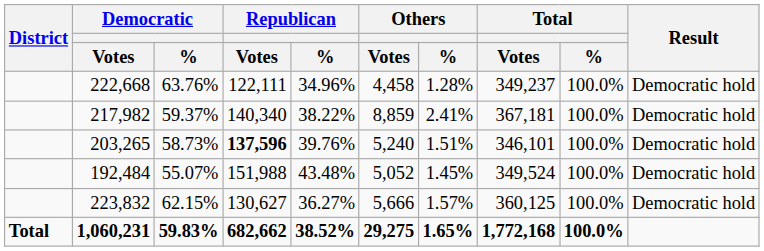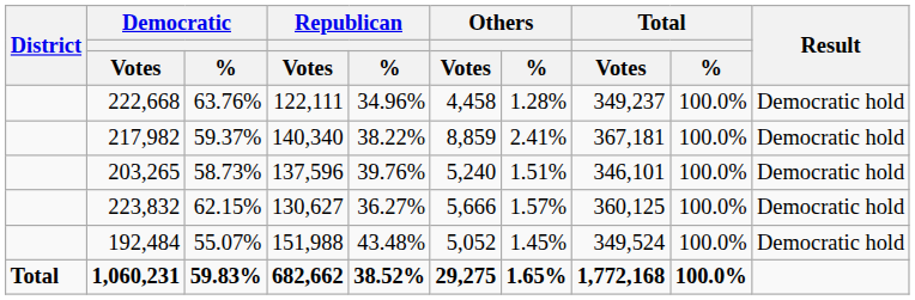 <table class="wikitable plainrowheaders sortable" style="font-size:100%; text-align:right;">
 <tr>
 <th scope=col rowspan=3><a href='#'>District</a></th>
 <th scope=col colspan=2><a href='#'>Democratic</a></th>
 <th scope=col colspan=2><a href='#'>Republican</a></th>
 <th scope=col colspan=2>Others</th>
 <th scope=col colspan=2>Total</th>
 <th scope=col rowspan=3>Result</th>
 </tr>
 <tr>
 <th scope=col colspan=2 style="background:"></th>
 <th scope=col colspan=2 style="background:"></th>
 <th scope=col colspan=2></th>
 <th scope=col colspan=2></th>
 </tr>
 <tr>
 <th scope=col data-sort-type="number">Votes</th>
 <th scope=col data-sort-type="number">%</th>
 <th scope=col data-sort-type="number">Votes</th>
 <th scope=col data-sort-type="number">%</th>
 <th scope=col data-sort-type="number">Votes</th>
 <th scope=col data-sort-type="number">%</th>
 <th scope=col data-sort-type="number">Votes</th>
 <th scope=col data-sort-type="number">%</th>
 </tr>
 <tr>
 <td align=left></td>
 <td>222,668</td>
 <td>63.76%</td>
 <td>122,111</td>
 <td>34.96%</td>
 <td>4,458</td>
 <td>1.28%</td>
 <td>349,237</td>
 <td>100.0%</td>
 <td align=left>Democratic hold</td>
 </tr>
 <tr>
 <td align=left></td>
 <td>217,982</td>
 <td>59.37%</td>
 <td>140,340</td>
 <td>38.22%</td>
 <td>8,859</td>
 <td>2.41%</td>
 <td>367,181</td>
 <td>100.0%</td>
 <td align=left>Democratic hold</td>
 </tr>
 <tr>
 <td align=left></td>
 <td>203,265</td>
 <td>58.73%</td>
-<td><strong>137,596</strong></td>
+<td>137,596</td>
 <td>39.76%</td>
 <td>5,240</td>
 <td>1.51%</td>
 <td>346,101</td>
+<td>100.0%</td>
+<td align=left>Democratic hold</td>
+</tr>
+<tr>
+<td align=left></td>
+<td>223,832</td>
+<td>62.15%</td>
+<td>130,627</td>
+<td>36.27%</td>
+<td>5,666</td>
+<td>1.57%</td>
+<td>360,125</td>
 <td>100.0%</td>
 <td align=left>Democratic hold</td>
 </tr>
 <tr>
 <td align=left></td>
 <td>192,484</td>
 <td>55.07%</td>
 <td>151,988</td>
 <td>43.48%</td>
 <td>5,052</td>
 <td>1.45%</td>
 <td>349,524</td>
-<td>100.0%</td>
-<td align=left>Democratic hold</td>
-</tr>
-<tr>
-<td align=left></td>
-<td>223,832</td>
-<td>62.15%</td>
-<td>130,627</td>
-<td>36.27%</td>
-<td>5,666</td>
-<td>1.57%</td>
-<td>360,125</td>
 <td>100.0%</td>
 <td align=left>Democratic hold</td>
 </tr>
 <tr class="sortbottom" style="font-weight:bold">
 <td align=left>Total</td>
 <td>1,060,231</td>
 <td>59.83%</td>
 <td>682,662</td>
 <td>38.52%</td>
 <td>29,275</td>
 <td>1.65%</td>
 <td>1,772,168</td>
 <td>100.0%</td>
 <td></td>
 </tr>
 </table>
